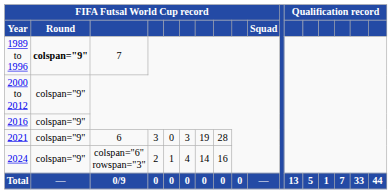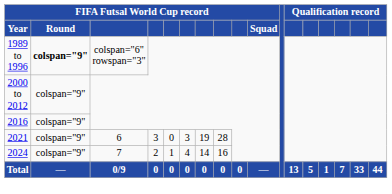 <table class="wikitable" style="text-align: center;">
 <tr>
 <th colspan="10" style="background:#244AA5; color:white; ">FIFA Futsal World Cup record</th>
 <th rowspan="8" style="background:#244AA5"></th>
 <th colspan="6" style="background:#244AA5; color:white; ">Qualification record</th>
 </tr>
 <tr>
 <th style="background:#244AA5; color:white; ">Year</th>
 <th style="background:#244AA5; color:white; ">Round</th>
 <th width="28" style="background:#244AA5; color:white; "></th>
 <th width="28" style="background:#244AA5; color:white; "></th>
 <th width="28" style="background:#244AA5; color:white; "></th>
 <th width="28" style="background:#244AA5; color:white; "></th>
 <th width="28" style="background:#244AA5; color:white; "></th>
 <th width="28" style="background:#244AA5; color:white; "></th>
 <th width="28" style="background:#244AA5; color:white; "></th>
 <th style="background:#244AA5; color:white; ">Squad</th>
 <th width="28" style="background:#244AA5; color:white; "></th>
 <th width="28" style="background:#244AA5; color:white; "></th>
 <th width="28" style="background:#244AA5; color:white; "></th>
 <th width="28" style="background:#244AA5; color:white; "></th>
 <th width="28" style="background:#244AA5; color:white; "></th>
 <th width="28" style="background:#244AA5; color:white; "></th>
 </tr>
 <tr>
 <td> <a href='#'>1989</a> to  <a href='#'>1996</a></td>
 <td><strong>colspan="9" </strong></td>
-<td>7</td>
+<td>colspan="6" rowspan="3" </td>
 </tr>
 <tr>
 <td> <a href='#'>2000</a> to  <a href='#'>2012</a></td>
 <td>colspan="9" </td>
 </tr>
 <tr>
 <td> <a href='#'>2016</a></td>
 <td>colspan="9" </td>
 </tr>
 <tr>
 <td> <a href='#'>2021</a></td>
 <td>colspan="9" </td>
 <td>6</td>
 <td>3</td>
 <td>0</td>
 <td>3</td>
 <td>19</td>
 <td>28</td>
 </tr>
 <tr>
 <td> <a href='#'>2024</a></td>
 <td>colspan="9" </td>
-<td>colspan="6" rowspan="3" </td>
+<td>7</td>
 <td>2</td>
 <td>1</td>
 <td>4</td>
 <td>14</td>
 <td>16</td>
 </tr>
 <tr>
 <th style="background:#244AA5; color:white; ">Total</th>
 <th style="background:#244AA5; color:white; ">—</th>
 <th style="background:#244AA5; color:white; ">0/9</th>
 <th style="background:#244AA5; color:white; ">0</th>
 <th style="background:#244AA5; color:white; ">0</th>
 <th style="background:#244AA5; color:white; ">0</th>
 <th style="background:#244AA5; color:white; ">0</th>
 <th style="background:#244AA5; color:white; ">0</th>
 <th style="background:#244AA5; color:white; ">0</th>
 <th style="background:#244AA5; color:white; ">—</th>
 <th style="background:#244AA5; color:white; ">13</th>
 <th style="background:#244AA5; color:white; ">5</th>
 <th style="background:#244AA5; color:white; ">1</th>
 <th style="background:#244AA5; color:white; ">7</th>
 <th style="background:#244AA5; color:white; ">33</th>
 <th style="background:#244AA5; color:white; ">44</th>
 </tr>
 </table>
